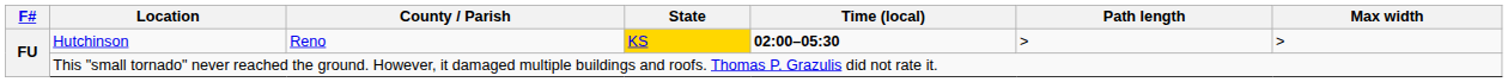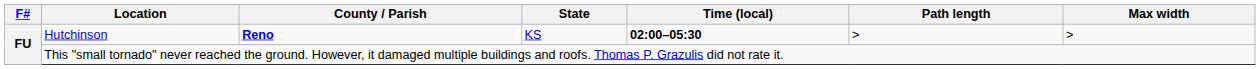 <table class="wikitable sortable" style="width:100%;">
 <tr>
 <th scope="col" align="center"><a href='#'>F#</a><br></th>
 <th scope="col" align="center" class="unsortable">Location</th>
 <th scope="col" align="center" class="unsortable">County / Parish</th>
 <th scope="col" align="center">State</th>
 <th scope="col" align="center">Time (local)</th>
 <th scope="col" align="center">Path length</th>
 <th scope="col" align="center">Max width</th>
 </tr>
 <tr>
 <th scope="row" rowspan="2" style="background-color:#">FU</th>
 <td><a href='#'>Hutchinson</a></td>
-<td><a href='#'>Reno</a></td>
-<td style="background: gold;"><a href='#'>KS</a></td>
+<td><strong><a href='#'>Reno</a></strong></td>
+<td><a href='#'>KS</a></td>
 <td><strong>02:00–05:30</strong></td>
 <td>></td>
 <td>></td>
 </tr>
 <tr class="expand-child">
 <td colspan="6" style="border-bottom: 1px solid black;">This "small tornado" never reached the ground. However, it damaged multiple buildings and roofs. <a href='#'>Thomas P. Grazulis</a> did not rate it.</td>
 </tr>
 </table>
